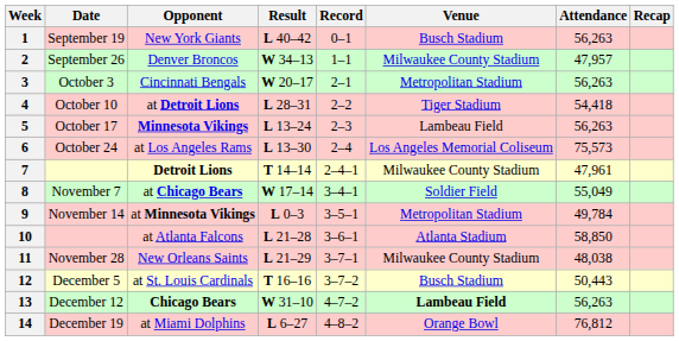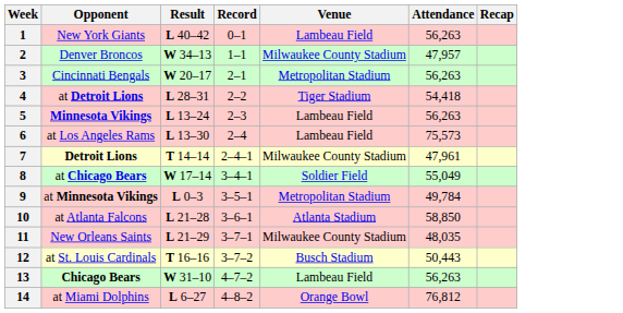 <table class="wikitable" style="text-align:center">
 <tr>
 <th>Week</th>
-<th>Date</th>
 <th>Opponent</th>
 <th>Result</th>
 <th>Record</th>
 <th>Venue</th>
 <th>Attendance</th>
 <th>Recap</th>
 </tr>
 <tr style="background:#fcc">
 <th>1</th>
-<td>September 19</td>
 <td><a href='#'>New York Giants</a></td>
 <td><strong>L</strong> 40–42</td>
 <td>0–1</td>
-<td><a href='#'>Busch Stadium</a></td>
+<td><a href='#'>Lambeau Field</a></td>
 <td>56,263</td>
 <td></td>
 </tr>
 <tr style="background:#cfc">
 <th>2</th>
-<td>September 26</td>
 <td><a href='#'>Denver Broncos</a></td>
 <td><strong>W</strong> 34–13</td>
 <td>1–1</td>
 <td><a href='#'>Milwaukee County Stadium</a></td>
 <td>47,957</td>
 <td></td>
 </tr>
 <tr style="background:#cfc">
 <th>3</th>
-<td>October 3</td>
 <td><a href='#'>Cincinnati Bengals</a></td>
 <td><strong>W</strong> 20–17</td>
 <td>2–1</td>
 <td><a href='#'>Metropolitan Stadium</a></td>
 <td>56,263</td>
 <td></td>
 </tr>
 <tr style="background:#fcc">
 <th>4</th>
-<td>October 10</td>
 <td>at <strong><a href='#'>Detroit Lions</a></strong></td>
 <td><strong>L</strong> 28–31</td>
 <td>2–2</td>
 <td><a href='#'>Tiger Stadium</a></td>
 <td>54,418</td>
 <td></td>
 </tr>
 <tr style="background:#fcc">
 <th>5</th>
-<td>October 17</td>
 <td><strong><a href='#'>Minnesota Vikings</a></strong></td>
 <td><strong>L</strong> 13–24</td>
 <td>2–3</td>
 <td>Lambeau Field</td>
 <td>56,263</td>
 <td></td>
 </tr>
 <tr style="background:#fcc">
 <th>6</th>
-<td>October 24</td>
 <td>at <a href='#'>Los Angeles Rams</a></td>
 <td><strong>L</strong> 13–30</td>
 <td>2–4</td>
-<td><a href='#'>Los Angeles Memorial Coliseum</a></td>
+<td>Lambeau Field</td>
 <td>75,573</td>
 <td></td>
 </tr>
 <tr style="background:#ffc">
 <th>7</th>
-<td></td>
 <td><strong>Detroit Lions</strong></td>
 <td><strong>T</strong> 14–14</td>
 <td>2–4–1</td>
 <td>Milwaukee County Stadium</td>
 <td>47,961</td>
 <td></td>
 </tr>
 <tr style="background:#cfc">
 <th>8</th>
-<td>November 7</td>
 <td>at <strong><a href='#'>Chicago Bears</a></strong></td>
 <td><strong>W</strong> 17–14</td>
 <td>3–4–1</td>
 <td><a href='#'>Soldier Field</a></td>
 <td>55,049</td>
 <td></td>
 </tr>
 <tr style="background:#fcc">
 <th>9</th>
-<td>November 14</td>
 <td>at <strong>Minnesota Vikings</strong></td>
 <td><strong>L</strong> 0–3</td>
 <td>3–5–1</td>
 <td><a href='#'>Metropolitan Stadium</a></td>
 <td>49,784</td>
 <td></td>
 </tr>
 <tr style="background:#fcc">
 <th>10</th>
-<td></td>
 <td>at <a href='#'>Atlanta Falcons</a></td>
 <td><strong>L</strong> 21–28</td>
 <td>3–6–1</td>
 <td><a href='#'>Atlanta Stadium</a></td>
 <td>58,850</td>
 <td></td>
 </tr>
 <tr style="background:#fcc">
 <th>11</th>
-<td>November 28</td>
 <td><a href='#'>New Orleans Saints</a></td>
 <td><strong>L</strong> 21–29</td>
 <td>3–7–1</td>
 <td>Milwaukee County Stadium</td>
-<td>48,038</td>
+<td>48,035</td>
 <td></td>
 </tr>
 <tr style="background:#ffc">
 <th>12</th>
-<td>December 5</td>
 <td>at <a href='#'>St. Louis Cardinals</a></td>
 <td><strong>T</strong> 16–16</td>
 <td>3–7–2</td>
 <td><a href='#'>Busch Stadium</a></td>
 <td>50,443</td>
 <td></td>
 </tr>
 <tr style="background:#cfc">
 <th>13</th>
-<td>December 12</td>
 <td><strong>Chicago Bears</strong></td>
 <td><strong>W</strong> 31–10</td>
 <td>4–7–2</td>
-<td><strong>Lambeau Field</strong></td>
+<td>Lambeau Field</td>
 <td>56,263</td>
 <td></td>
 </tr>
 <tr style="background:#fcc">
 <th>14</th>
-<td>December 19</td>
 <td>at <a href='#'>Miami Dolphins</a></td>
 <td><strong>L</strong> 6–27</td>
 <td>4–8–2</td>
 <td><a href='#'>Orange Bowl</a></td>
 <td>76,812</td>
 <td></td>
 </tr>
 </table>
